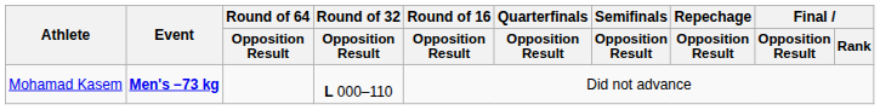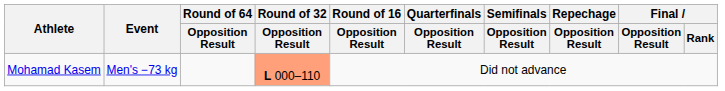 <table class="wikitable" style="font-size:90%">
 <tr>
 <th rowspan=2>Athlete</th>
 <th rowspan=2>Event</th>
 <th>Round of 64</th>
 <th>Round of 32</th>
 <th>Round of 16</th>
 <th>Quarterfinals</th>
 <th>Semifinals</th>
 <th>Repechage</th>
 <th colspan=2>Final / </th>
 </tr>
 <tr style="font-size:95%">
 <th>Opposition<br>Result</th>
 <th>Opposition<br>Result</th>
 <th>Opposition<br>Result</th>
 <th>Opposition<br>Result</th>
 <th>Opposition<br>Result</th>
 <th>Opposition<br>Result</th>
 <th>Opposition<br>Result</th>
 <th>Rank</th>
 </tr>
 <tr align=center>
 <td align=left><a href='#'>Mohamad Kasem</a></td>
-<td align=left><strong><a href='#'>Men's −73 kg</a></strong></td>
+<td align=left><a href='#'>Men's −73 kg</a></td>
 <td></td>
-<td><br><strong>L</strong> 000–110</td>
+<td style="background: lightsalmon;"><br><strong>L</strong> 000–110</td>
 <td colspan=6>Did not advance</td>
 </tr>
 </table>
